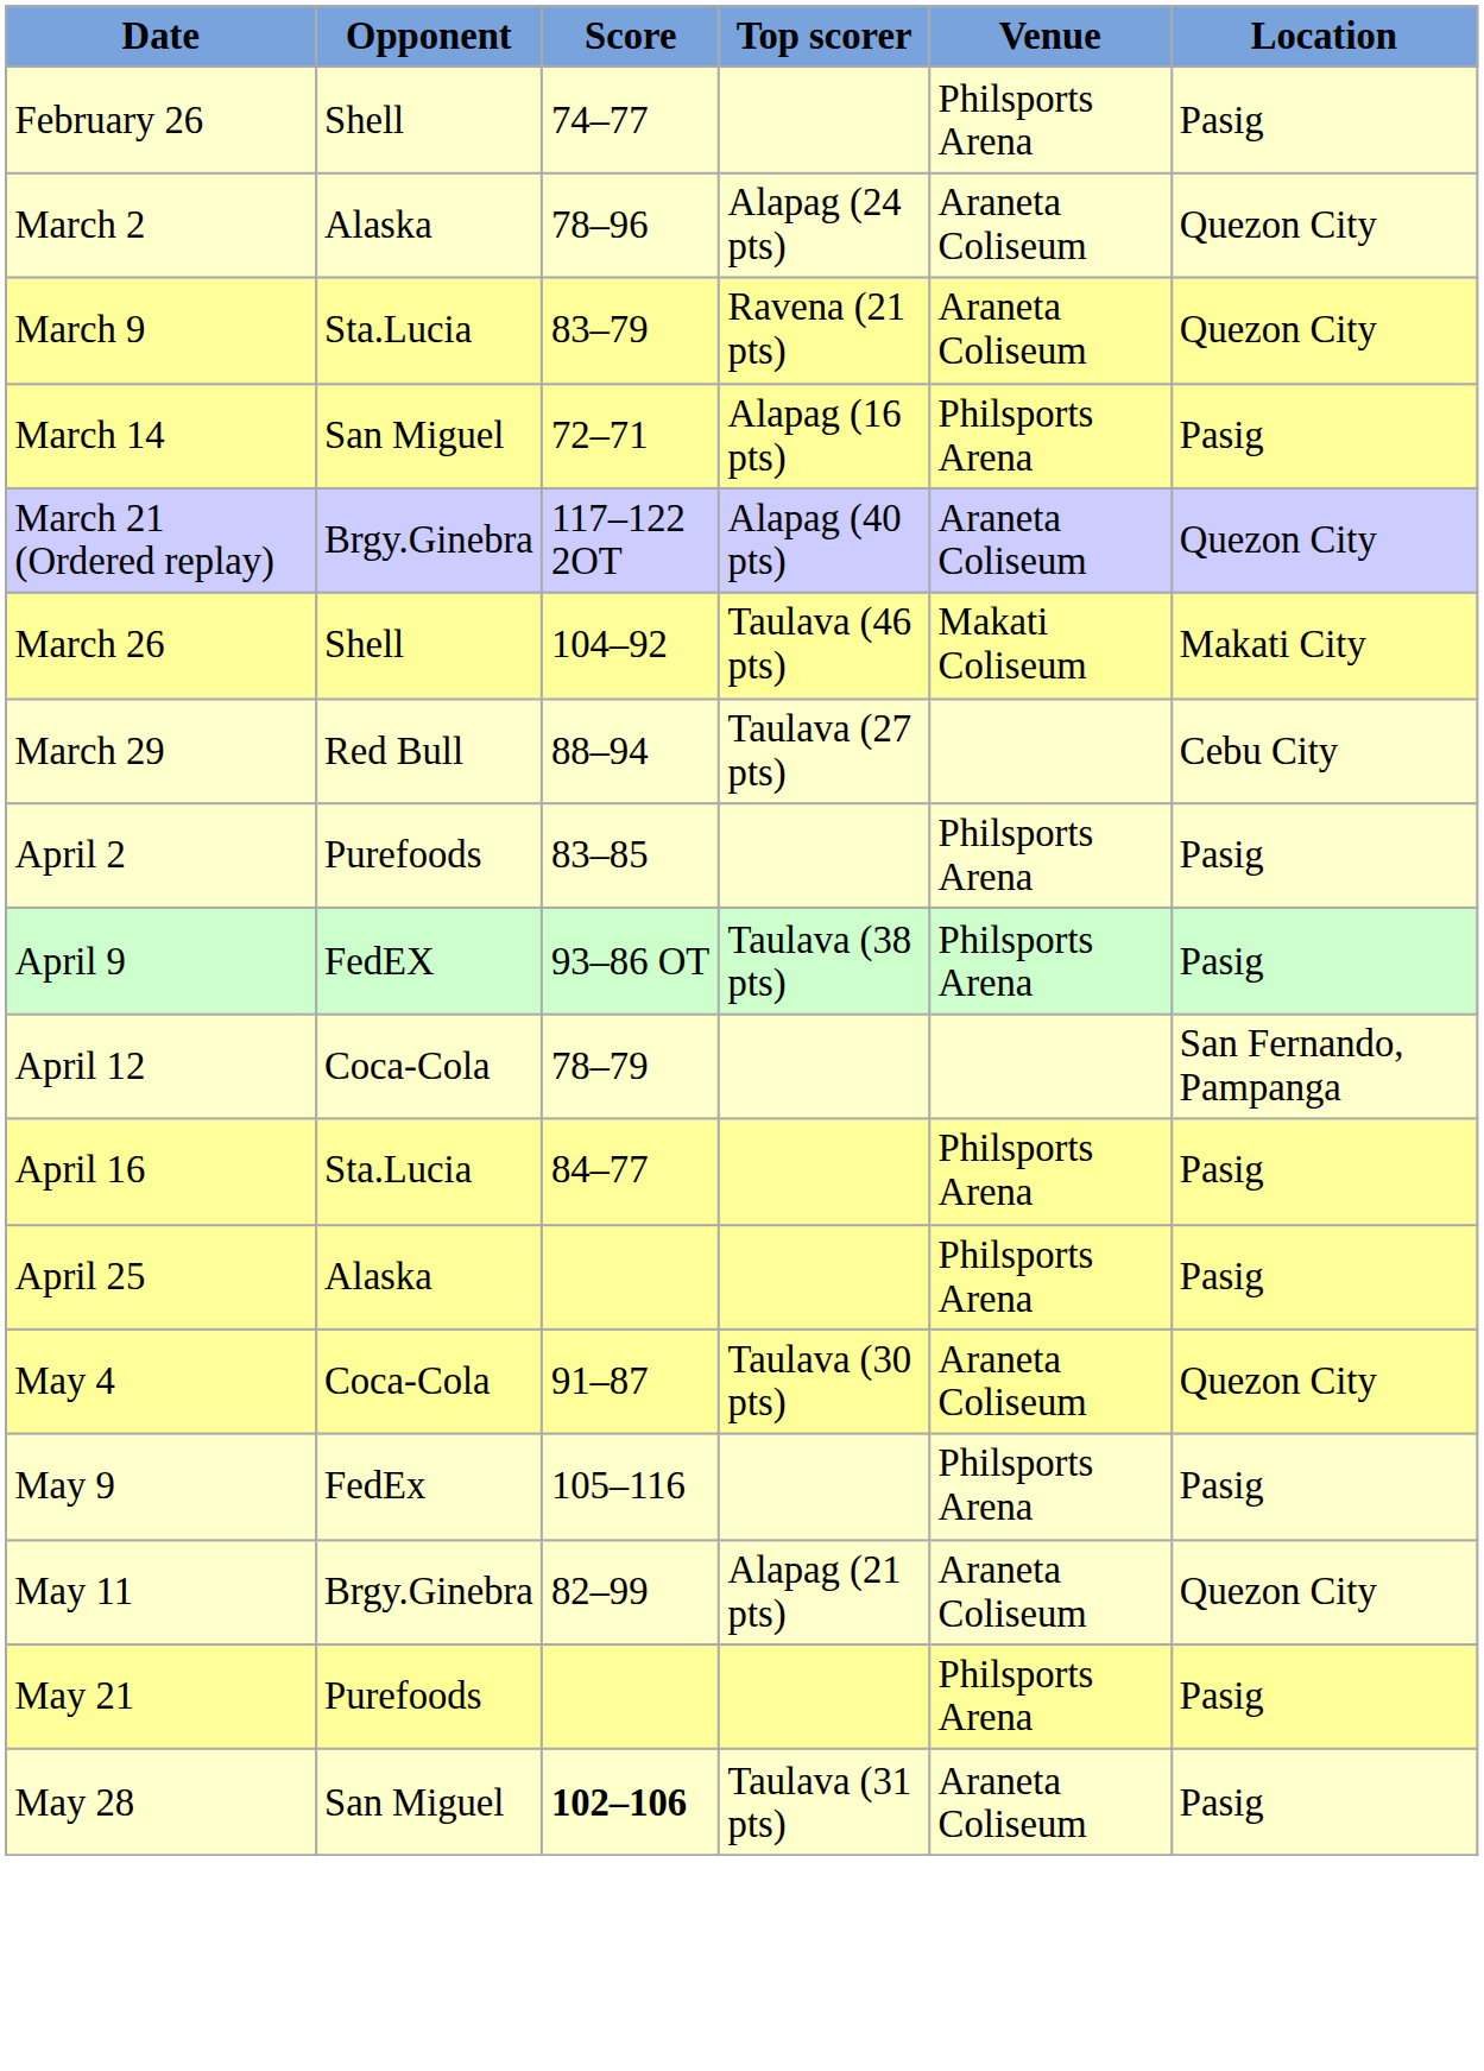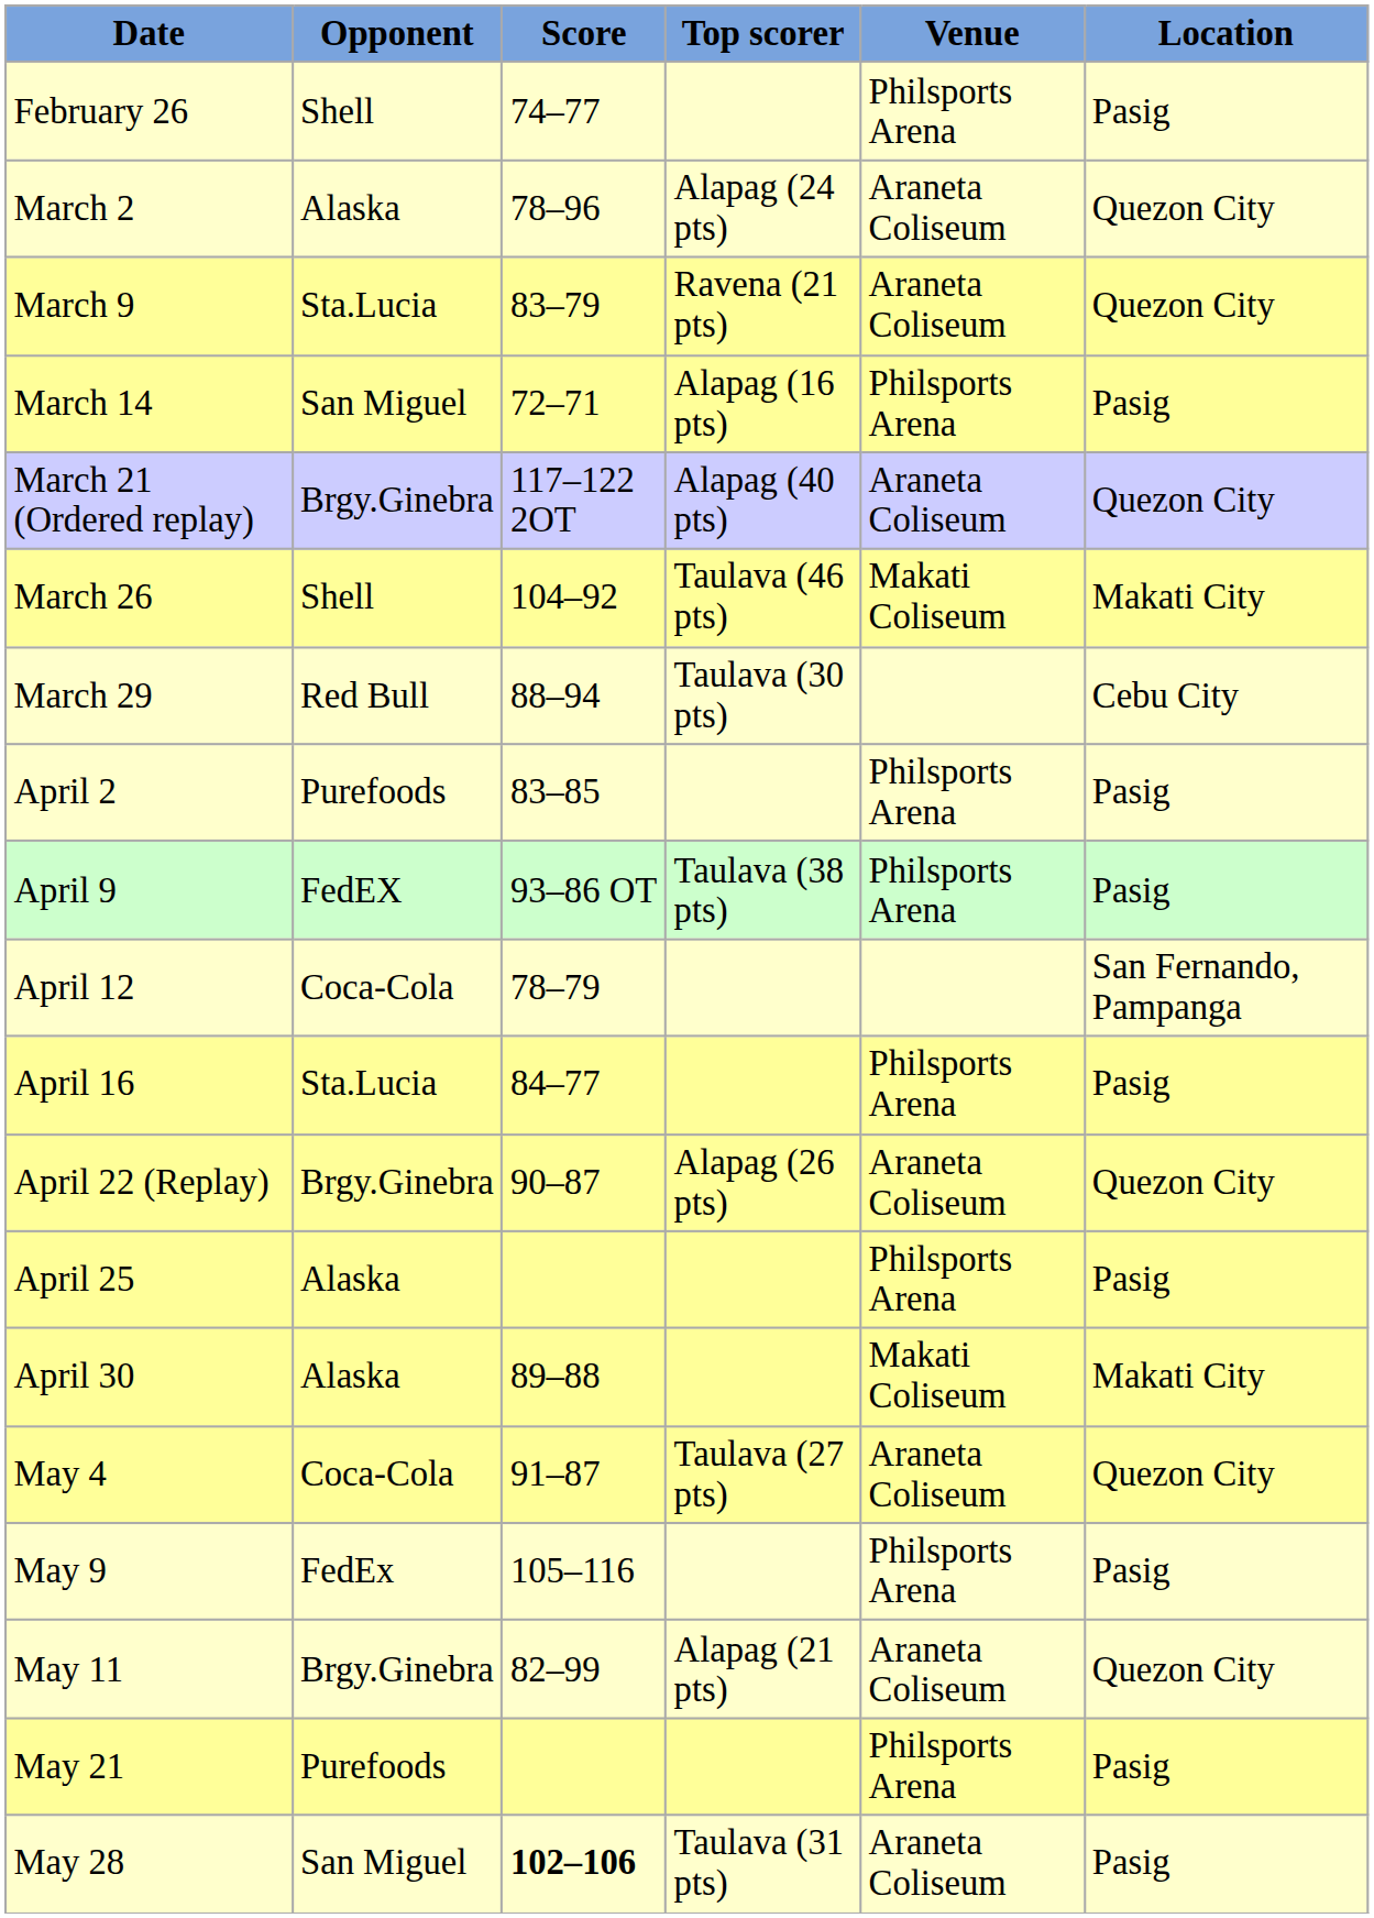 <table class="wikitable sortable sortable">
 <tr>
 <th style="background:#79A3DD; color:#000000; ">Date</th>
 <th style="background:#79A3DD; color:#000000; ">Opponent</th>
 <th style="background:#79A3DD; color:#000000; ">Score</th>
 <th style="background:#79A3DD; color:#000000; ">Top scorer</th>
 <th style="background:#79A3DD; color:#000000; ">Venue</th>
 <th style="background:#79A3DD; color:#000000; ">Location</th>
 </tr>
 <tr bgcolor=#FFFFCC>
 <td>February 26</td>
 <td>Shell</td>
 <td>74–77</td>
 <td></td>
 <td>Philsports Arena</td>
 <td>Pasig</td>
 </tr>
 <tr bgcolor=#FFFFCC>
 <td>March 2</td>
 <td>Alaska</td>
 <td>78–96</td>
 <td>Alapag (24 pts)</td>
 <td>Araneta Coliseum</td>
 <td>Quezon City</td>
 </tr>
 <tr bgcolor=#FFFF99>
 <td>March 9</td>
 <td>Sta.Lucia</td>
 <td>83–79</td>
 <td>Ravena (21 pts)</td>
 <td>Araneta Coliseum</td>
 <td>Quezon City</td>
 </tr>
 <tr bgcolor=#FFFF99>
 <td>March 14</td>
 <td>San Miguel</td>
 <td>72–71</td>
 <td>Alapag (16 pts)</td>
 <td>Philsports Arena</td>
 <td>Pasig</td>
 </tr>
 <tr bgcolor=#ccccff>
 <td>March 21 (Ordered replay)</td>
 <td>Brgy.Ginebra</td>
 <td>117–122 2OT</td>
 <td>Alapag (40 pts)</td>
 <td>Araneta Coliseum</td>
 <td>Quezon City</td>
 </tr>
 <tr bgcolor=#FFFF99>
 <td>March 26</td>
 <td>Shell</td>
 <td>104–92</td>
 <td>Taulava (46 pts)</td>
 <td>Makati Coliseum</td>
 <td>Makati City</td>
 </tr>
 <tr bgcolor=#FFFFCC>
 <td>March 29</td>
 <td>Red Bull</td>
 <td>88–94</td>
-<td>Taulava (27 pts)</td>
+<td>Taulava (30 pts)</td>
 <td></td>
 <td>Cebu City</td>
 </tr>
 <tr bgcolor=#FFFFCC>
 <td>April 2</td>
 <td>Purefoods</td>
 <td>83–85</td>
 <td></td>
 <td>Philsports Arena</td>
 <td>Pasig</td>
 </tr>
 <tr bgcolor=#ccffcc>
 <td>April 9</td>
 <td>FedEX</td>
 <td>93–86 OT</td>
 <td>Taulava (38 pts)</td>
 <td>Philsports Arena</td>
 <td>Pasig</td>
 </tr>
 <tr bgcolor=#FFFFCC>
 <td>April 12</td>
 <td>Coca-Cola</td>
 <td>78–79</td>
 <td></td>
 <td></td>
 <td>San Fernando, Pampanga</td>
 </tr>
 <tr bgcolor=#FFFF99>
 <td>April 16</td>
 <td>Sta.Lucia</td>
 <td>84–77</td>
 <td></td>
 <td>Philsports Arena</td>
 <td>Pasig</td>
 </tr>
 <tr bgcolor=#FFFF99>
+<td>April 22 (Replay)</td>
+<td>Brgy.Ginebra</td>
+<td>90–87</td>
+<td>Alapag (26 pts)</td>
+<td>Araneta Coliseum</td>
+<td>Quezon City</td>
+</tr>
+<tr bgcolor=#FFFF99>
 <td>April 25</td>
 <td>Alaska</td>
 <td></td>
 <td></td>
 <td>Philsports Arena</td>
 <td>Pasig</td>
 </tr>
 <tr bgcolor=#FFFF99>
+<td>April 30</td>
+<td>Alaska</td>
+<td>89–88</td>
+<td></td>
+<td>Makati Coliseum</td>
+<td>Makati City</td>
+</tr>
+<tr bgcolor=#FFFF99>
 <td>May 4</td>
 <td>Coca-Cola</td>
 <td>91–87</td>
-<td>Taulava (30 pts)</td>
+<td>Taulava (27 pts)</td>
 <td>Araneta Coliseum</td>
 <td>Quezon City</td>
 </tr>
 <tr bgcolor=#FFFFCC>
 <td>May 9</td>
 <td>FedEx</td>
 <td>105–116</td>
 <td></td>
 <td>Philsports Arena</td>
 <td>Pasig</td>
 </tr>
 <tr bgcolor=#FFFFCC>
 <td>May 11</td>
 <td>Brgy.Ginebra</td>
 <td>82–99</td>
 <td>Alapag (21 pts)</td>
 <td>Araneta Coliseum</td>
 <td>Quezon City</td>
 </tr>
 <tr bgcolor=#FFFF99>
 <td>May 21</td>
 <td>Purefoods</td>
 <td></td>
 <td></td>
 <td>Philsports Arena</td>
 <td>Pasig</td>
 </tr>
 <tr bgcolor=#FFFFCC>
 <td>May 28</td>
 <td>San Miguel</td>
 <td><strong>102–106</strong></td>
 <td>Taulava (31 pts)</td>
 <td>Araneta Coliseum</td>
 <td>Pasig</td>
 </tr>
 <tr>
 </tr>
 </table>
